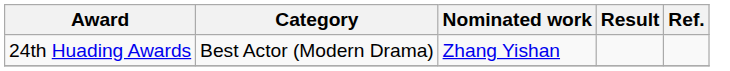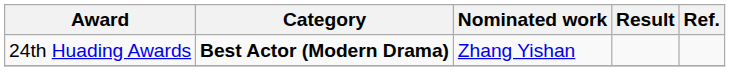 <table class="wikitable">
 <tr>
 <th>Award</th>
 <th>Category</th>
 <th>Nominated work</th>
 <th>Result</th>
 <th>Ref.</th>
 </tr>
 <tr>
 <td>24th <a href='#'>Huading Awards</a></td>
-<td>Best Actor (Modern Drama)</td>
+<td><strong>Best Actor (Modern Drama)</strong></td>
 <td><a href='#'>Zhang Yishan</a></td>
 <td></td>
 <td></td>
 </tr>
 <tr>
 </tr>
 </table>
